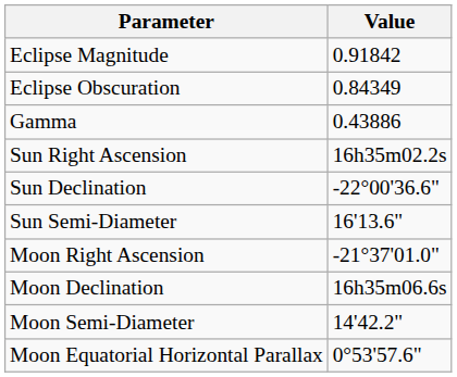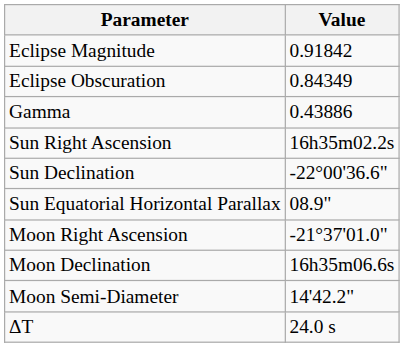 <table class="wikitable">
 <tr>
 <th>Parameter</th>
 <th>Value</th>
 </tr>
 <tr>
 <td>Eclipse Magnitude</td>
 <td>0.91842</td>
 </tr>
 <tr>
 <td>Eclipse Obscuration</td>
 <td>0.84349</td>
 </tr>
 <tr>
 <td>Gamma</td>
 <td>0.43886</td>
 </tr>
 <tr>
 <td>Sun Right Ascension</td>
 <td>16h35m02.2s</td>
 </tr>
 <tr>
 <td>Sun Declination</td>
 <td>-22°00'36.6"</td>
 </tr>
 <tr>
-<td>Sun Semi-Diameter</td>
-<td>16'13.6"</td>
+<td>Sun Equatorial Horizontal Parallax</td>
+<td>08.9"</td>
 </tr>
 <tr>
 <td>Moon Right Ascension</td>
 <td>-21°37'01.0"</td>
 </tr>
 <tr>
 <td>Moon Declination</td>
 <td>16h35m06.6s</td>
 </tr>
 <tr>
 <td>Moon Semi-Diameter</td>
 <td>14'42.2"</td>
 </tr>
 <tr>
-<td>Moon Equatorial Horizontal Parallax</td>
-<td>0°53'57.6"</td>
+<td>ΔT</td>
+<td>24.0 s</td>
 </tr>
 </table>
